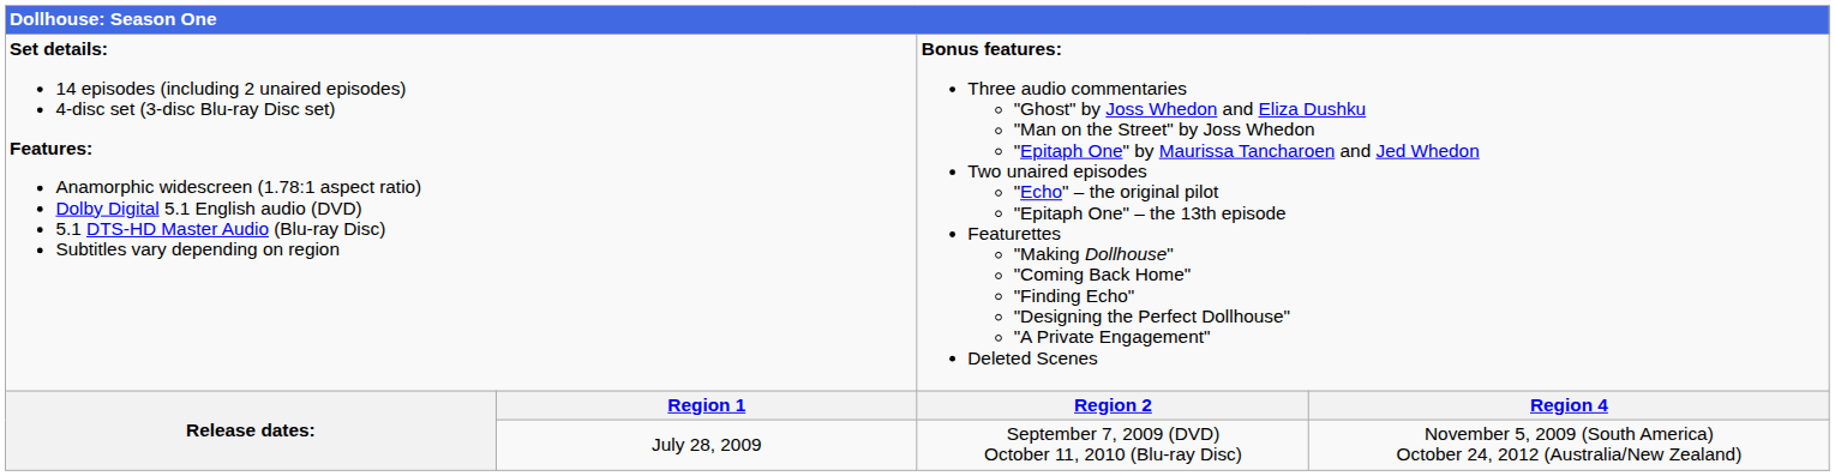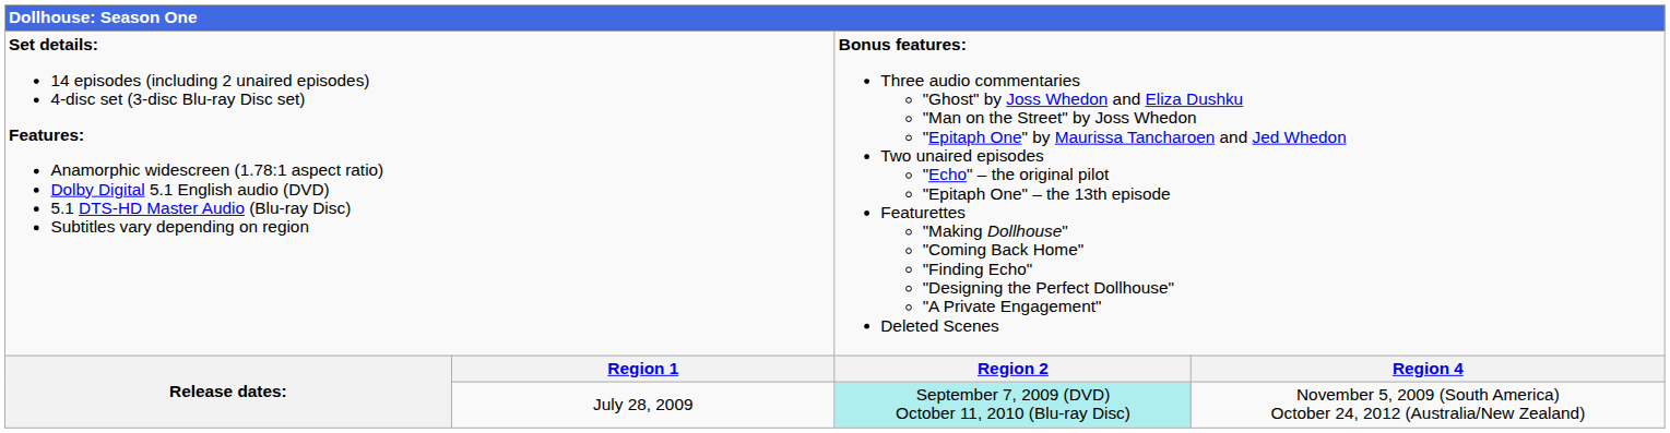 <table class="wikitable" style="width:100%;">
 <tr>
 <td colspan="5" style="background:#4169e1; color:white;"><strong>Dollhouse: Season One</strong></td>
 </tr>
 <tr>
 <td colspan="2" style="vertical-align:top; width:50%;"><strong>Set details:</strong><br><ul><li>14 episodes (including 2 unaired episodes)</li><li>4-disc set (3-disc Blu-ray Disc set)</li></ul><strong>Features:</strong><ul><li>Anamorphic widescreen (1.78:1 aspect ratio)</li><li><a href='#'>Dolby Digital</a> 5.1 English audio (DVD)</li><li>5.1 <a href='#'>DTS-HD Master Audio</a> (Blu-ray Disc)</li><li>Subtitles vary depending on region</li></ul></td>
 <td colspan="3" style="vertical-align:top;"><strong>Bonus features:</strong><br><ul><li>Three audio commentaries<ul><li>"Ghost" by <a href='#'>Joss Whedon</a> and <a href='#'>Eliza Dushku</a></li><li>"Man on the Street" by Joss Whedon</li><li>"<a href='#'>Epitaph One</a>" by <a href='#'>Maurissa Tancharoen</a> and <a href='#'>Jed Whedon</a></li></ul></li><li>Two unaired episodes<ul><li>"<a href='#'>Echo</a>" – the original pilot</li><li>"Epitaph One" – the 13th episode</li></ul></li><li>Featurettes<ul><li>"Making <em>Dollhouse</em>"</li><li>"Coming Back Home"</li><li>"Finding Echo"</li><li>"Designing the Perfect Dollhouse"</li><li>"A Private Engagement"</li></ul></li><li>Deleted Scenes</li></ul></td>
 </tr>
 <tr>
 <th rowspan="2">Release dates:</th>
 <th><a href='#'>Region 1</a></th>
 <th><a href='#'>Region 2</a></th>
 <th><a href='#'>Region 4</a></th>
 </tr>
 <tr style="text-align:center;">
 <td>July 28, 2009</td>
-<td>September 7, 2009 (DVD)<br>October 11, 2010 (Blu-ray Disc)</td>
+<td style="background: paleturquoise;">September 7, 2009 (DVD)<br>October 11, 2010 (Blu-ray Disc)</td>
 <td>November 5, 2009 (South America)<br>October 24, 2012 (Australia/New Zealand)</td>
 </tr>
 </table>
